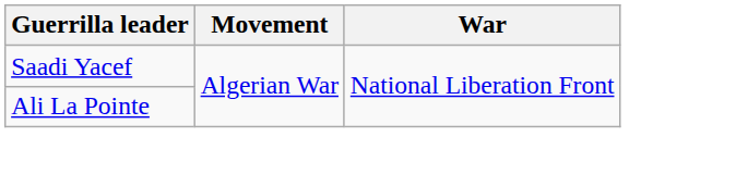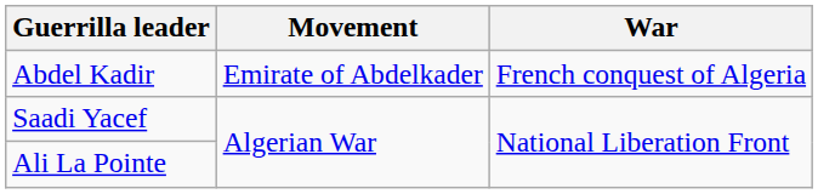 <table class="wikitable">
 <tr>
 <th>Guerrilla leader</th>
 <th>Movement</th>
 <th>War</th>
+</tr>
+<tr>
+<td><a href='#'>Abdel Kadir</a></td>
+<td><a href='#'>Emirate of Abdelkader</a></td>
+<td><a href='#'>French conquest of Algeria</a></td>
 </tr>
 <tr>
 <td><a href='#'>Saadi Yacef</a></td>
 <td rowspan="2"><a href='#'>Algerian War</a></td>
 <td rowspan="2"><a href='#'>National Liberation Front</a></td>
 </tr>
 <tr>
 <td><a href='#'>Ali La Pointe</a></td>
 </tr>
 </table>
